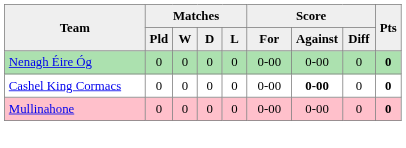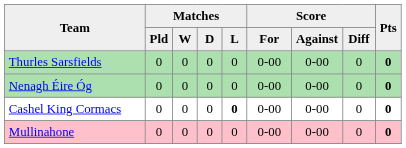 <table style=border-collapse:collapse border=1 cellspacing=0 cellpadding=5>
 <tr align=center bgcolor=#efefef>
 <th rowspan=2 width=165>Team</th>
 <th colspan=4>Matches</th>
 <th colspan=3>Score</th>
 <th rowspan=2width=20>Pts</th>
 </tr>
 <tr align=center bgcolor=#efefef>
 <th width=20>Pld</th>
 <th width=20>W</th>
 <th width=20>D</th>
 <th width=20>L</th>
 <th width=45>For</th>
 <th width=45>Against</th>
 <th width=30>Diff</th>
 </tr>
 <tr align=center style="background:#ACE1AF;">
+<td style="text-align:left;"> <a href='#'>Thurles Sarsfields</a></td>
+<td>0</td>
+<td>0</td>
+<td>0</td>
+<td>0</td>
+<td>0-00</td>
+<td>0-00</td>
+<td>0</td>
+<td><strong>0</strong></td>
+</tr>
+<tr align=center style="background:#ACE1AF;">
 <td style="text-align:left;"> <a href='#'>Nenagh Éire Óg</a></td>
 <td>0</td>
 <td>0</td>
 <td>0</td>
 <td>0</td>
 <td>0-00</td>
 <td>0-00</td>
 <td>0</td>
 <td><strong>0</strong></td>
 </tr>
 <tr align=center>
 <td style="text-align:left;"> <a href='#'>Cashel King Cormacs</a></td>
 <td>0</td>
 <td>0</td>
 <td>0</td>
-<td>0</td>
+<td><strong>0</strong></td>
 <td>0-00</td>
-<td><strong>0-00</strong></td>
+<td>0-00</td>
 <td>0</td>
 <td><strong>0</strong></td>
 </tr>
 <tr align=center style="background:#FFC0CB;">
 <td style="text-align:left;"> <a href='#'>Mullinahone</a></td>
 <td>0</td>
 <td>0</td>
 <td>0</td>
 <td>0</td>
 <td>0-00</td>
 <td>0-00</td>
 <td>0</td>
 <td><strong>0</strong></td>
 </tr>
 </table>
